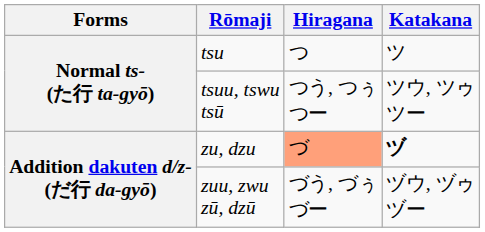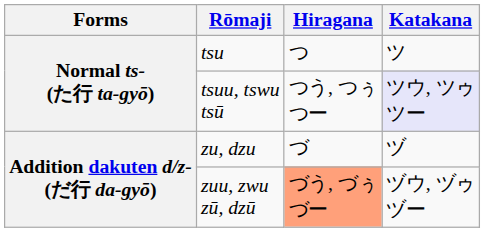 <table class="wikitable">
 <tr>
 <th>Forms</th>
 <th><a href='#'>Rōmaji</a></th>
 <th><a href='#'>Hiragana</a></th>
 <th><a href='#'>Katakana</a></th>
 </tr>
 <tr>
 <th rowspan="2">Normal <em>ts-</em><br>(た行 <em>ta-gyō</em>)</th>
 <td><em>tsu</em></td>
 <td>つ</td>
 <td>ツ</td>
 </tr>
 <tr>
 <td><em>tsuu, tswu</em><br><em>tsū</em></td>
 <td>つう, つぅ<br>つー</td>
-<td>ツウ, ツゥ<br>ツー</td>
+<td style="background: lavender;">ツウ, ツゥ<br>ツー</td>
 </tr>
 <tr>
 <th rowspan="2">Addition <a href='#'>dakuten</a> <em>d/z-</em><br>(だ行 <em>da-gyō</em>)</th>
 <td><em>zu, dzu</em></td>
-<td style="background: lightsalmon;">づ</td>
-<td><strong>ヅ</strong></td>
+<td>づ</td>
+<td>ヅ</td>
 </tr>
 <tr>
 <td><em>zuu, zwu</em><br><em>zū, dzū</em></td>
-<td>づう, づぅ<br>づー</td>
+<td style="background: lightsalmon;">づう, づぅ<br>づー</td>
 <td>ヅウ, ヅゥ<br>ヅー</td>
 </tr>
 </table>
